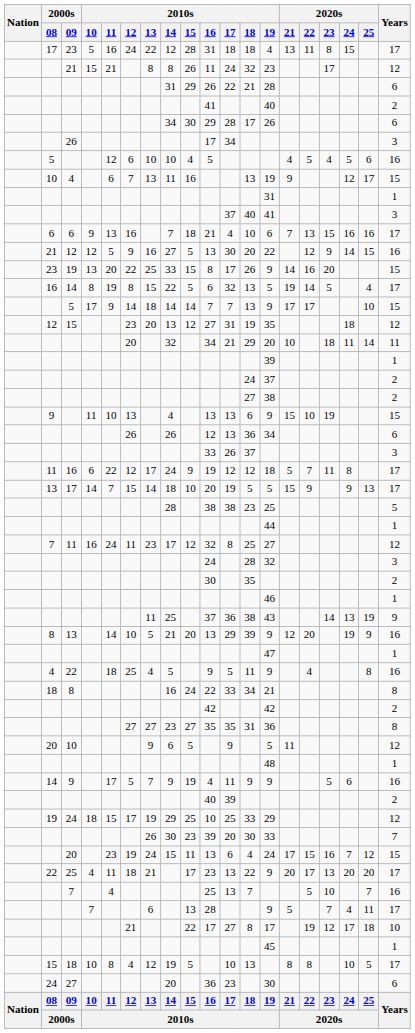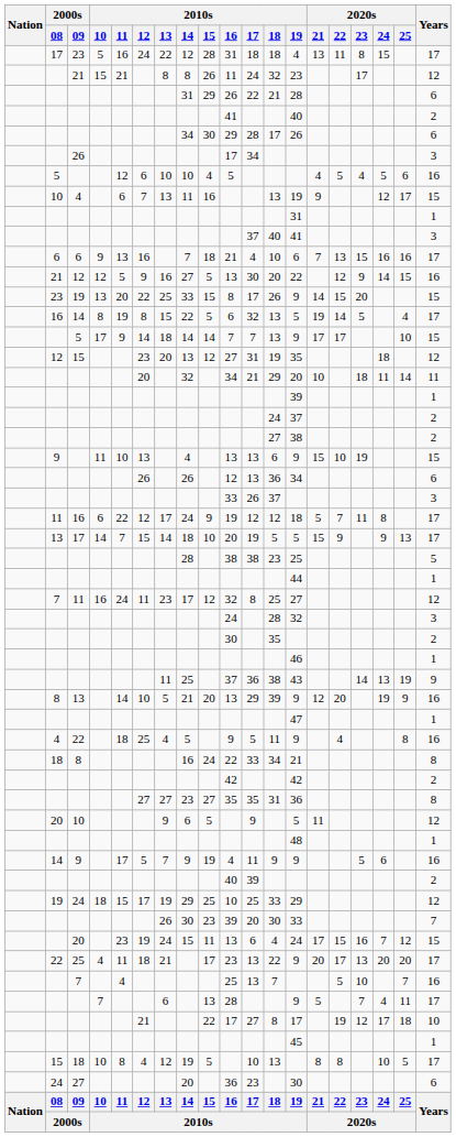 <table class="wikitable" style="text-align:center; font-size:90%;">
 <tr>
 <th rowspan=2>Nation</th>
 <th colspan=2>2000s</th>
 <th colspan=10>2010s</th>
 <th colspan=5>2020s</th>
 <th rowspan=2>Years</th>
 </tr>
 <tr>
 <th width=19px><a href='#'>08</a></th>
 <th width=19px><a href='#'>09</a></th>
 <th width=19px><a href='#'>10</a></th>
 <th width=19px><a href='#'>11</a></th>
 <th width=19px><a href='#'>12</a></th>
 <th width=19px><a href='#'>13</a></th>
 <th width=19px><a href='#'>14</a></th>
 <th width=19px><a href='#'>15</a></th>
 <th width=19px><a href='#'>16</a></th>
 <th width=19px><a href='#'>17</a></th>
 <th width=19px><a href='#'>18</a></th>
 <th width=19px><a href='#'>19</a></th>
 <th width=19px><a href='#'>21</a></th>
 <th width=19px><a href='#'>22</a></th>
 <th width=19px><a href='#'>23</a></th>
 <th width=19px><a href='#'>24</a></th>
 <th width=19px><a href='#'>25</a></th>
 </tr>
 <tr>
 <td align=left></td>
 <td>17</td>
 <td>23</td>
 <td>5</td>
 <td>16</td>
 <td>24</td>
 <td>22</td>
 <td>12</td>
 <td>28</td>
 <td>31</td>
 <td>18</td>
 <td>18</td>
 <td>4</td>
 <td>13</td>
 <td>11</td>
 <td>8</td>
 <td>15</td>
 <td></td>
 <td>17</td>
 </tr>
 <tr>
 <td align=left></td>
 <td></td>
 <td>21</td>
 <td>15</td>
 <td>21</td>
 <td></td>
 <td>8</td>
 <td>8</td>
 <td>26</td>
 <td>11</td>
 <td>24</td>
 <td>32</td>
 <td>23</td>
 <td></td>
 <td></td>
 <td>17</td>
 <td></td>
 <td></td>
 <td>12</td>
 </tr>
 <tr>
 <td align=left></td>
 <td></td>
 <td></td>
 <td></td>
 <td></td>
 <td></td>
 <td></td>
 <td>31</td>
 <td>29</td>
 <td>26</td>
 <td>22</td>
 <td>21</td>
 <td>28</td>
 <td></td>
 <td></td>
 <td></td>
 <td></td>
 <td></td>
 <td>6</td>
 </tr>
 <tr>
 <td align=left></td>
 <td></td>
 <td></td>
 <td></td>
 <td></td>
 <td></td>
 <td></td>
 <td></td>
 <td></td>
 <td>41</td>
 <td></td>
 <td></td>
 <td>40</td>
 <td></td>
 <td></td>
 <td></td>
 <td></td>
 <td></td>
 <td>2</td>
 </tr>
 <tr>
 <td align=left></td>
 <td></td>
 <td></td>
 <td></td>
 <td></td>
 <td></td>
 <td></td>
 <td>34</td>
 <td>30</td>
 <td>29</td>
 <td>28</td>
 <td>17</td>
 <td>26</td>
 <td></td>
 <td></td>
 <td></td>
 <td></td>
 <td></td>
 <td>6</td>
 </tr>
 <tr>
 <td align=left></td>
 <td></td>
 <td>26</td>
 <td></td>
 <td></td>
 <td></td>
 <td></td>
 <td></td>
 <td></td>
 <td>17</td>
 <td>34</td>
 <td></td>
 <td></td>
 <td></td>
 <td></td>
 <td></td>
 <td></td>
 <td></td>
 <td>3</td>
 </tr>
 <tr>
 <td align=left></td>
 <td>5</td>
 <td></td>
 <td></td>
 <td>12</td>
 <td>6</td>
 <td>10</td>
 <td>10</td>
 <td>4</td>
 <td>5</td>
 <td></td>
 <td></td>
 <td></td>
 <td>4</td>
 <td>5</td>
 <td>4</td>
 <td>5</td>
 <td>6</td>
 <td>16</td>
 </tr>
 <tr>
 <td align=left></td>
 <td>10</td>
 <td>4</td>
 <td></td>
 <td>6</td>
 <td>7</td>
 <td>13</td>
 <td>11</td>
 <td>16</td>
 <td></td>
 <td></td>
 <td>13</td>
 <td>19</td>
 <td>9</td>
 <td></td>
 <td></td>
 <td>12</td>
 <td>17</td>
 <td>15</td>
 </tr>
 <tr>
 <td align=left></td>
 <td></td>
 <td></td>
 <td></td>
 <td></td>
 <td></td>
 <td></td>
 <td></td>
 <td></td>
 <td></td>
 <td></td>
 <td></td>
 <td>31</td>
 <td></td>
 <td></td>
 <td></td>
 <td></td>
 <td></td>
 <td>1</td>
 </tr>
 <tr>
 <td align=left></td>
 <td></td>
 <td></td>
 <td></td>
 <td></td>
 <td></td>
 <td></td>
 <td></td>
 <td></td>
 <td></td>
 <td>37</td>
 <td>40</td>
 <td>41</td>
 <td></td>
 <td></td>
 <td></td>
 <td></td>
 <td></td>
 <td>3</td>
 </tr>
 <tr>
 <td align=left></td>
 <td>6</td>
 <td>6</td>
 <td>9</td>
 <td>13</td>
 <td>16</td>
 <td></td>
 <td>7</td>
 <td>18</td>
 <td>21</td>
 <td>4</td>
 <td>10</td>
 <td>6</td>
 <td>7</td>
 <td>13</td>
 <td>15</td>
 <td>16</td>
 <td>16</td>
 <td>17</td>
 </tr>
 <tr>
 <td align=left></td>
 <td>21</td>
 <td>12</td>
 <td>12</td>
 <td>5</td>
 <td>9</td>
 <td>16</td>
 <td>27</td>
 <td>5</td>
 <td>13</td>
 <td>30</td>
 <td>20</td>
 <td>22</td>
 <td></td>
 <td>12</td>
 <td>9</td>
 <td>14</td>
 <td>15</td>
 <td>16</td>
 </tr>
 <tr>
 <td align=left></td>
 <td>23</td>
 <td>19</td>
 <td>13</td>
 <td>20</td>
 <td>22</td>
 <td>25</td>
 <td>33</td>
 <td>15</td>
 <td>8</td>
 <td>17</td>
 <td>26</td>
 <td>9</td>
 <td>14</td>
-<td>16</td>
+<td>15</td>
 <td>20</td>
 <td></td>
 <td></td>
 <td>15</td>
 </tr>
 <tr>
 <td align=left></td>
 <td>16</td>
 <td>14</td>
 <td>8</td>
 <td>19</td>
 <td>8</td>
 <td>15</td>
 <td>22</td>
 <td>5</td>
 <td>6</td>
 <td>32</td>
 <td>13</td>
 <td>5</td>
 <td>19</td>
 <td>14</td>
 <td>5</td>
 <td></td>
 <td>4</td>
 <td>17</td>
 </tr>
 <tr>
 <td align=left></td>
 <td></td>
 <td>5</td>
 <td>17</td>
 <td>9</td>
 <td>14</td>
 <td>18</td>
 <td>14</td>
 <td>14</td>
 <td>7</td>
 <td>7</td>
 <td>13</td>
 <td>9</td>
 <td>17</td>
 <td>17</td>
 <td></td>
 <td></td>
 <td>10</td>
 <td>15</td>
 </tr>
 <tr>
 <td align=left></td>
 <td>12</td>
 <td>15</td>
 <td></td>
 <td></td>
 <td>23</td>
 <td>20</td>
 <td>13</td>
 <td>12</td>
 <td>27</td>
 <td>31</td>
 <td>19</td>
 <td>35</td>
 <td></td>
 <td></td>
 <td></td>
 <td>18</td>
 <td></td>
 <td>12</td>
 </tr>
 <tr>
 <td align=left></td>
 <td></td>
 <td></td>
 <td></td>
 <td></td>
 <td>20</td>
 <td></td>
 <td>32</td>
 <td></td>
 <td>34</td>
 <td>21</td>
 <td>29</td>
 <td>20</td>
 <td>10</td>
 <td></td>
 <td>18</td>
 <td>11</td>
 <td>14</td>
 <td>11</td>
 </tr>
 <tr>
 <td align=left></td>
 <td></td>
 <td></td>
 <td></td>
 <td></td>
 <td></td>
 <td></td>
 <td></td>
 <td></td>
 <td></td>
 <td></td>
 <td></td>
 <td>39</td>
 <td></td>
 <td></td>
 <td></td>
 <td></td>
 <td></td>
 <td>1</td>
 </tr>
 <tr>
 <td align=left></td>
 <td></td>
 <td></td>
 <td></td>
 <td></td>
 <td></td>
 <td></td>
 <td></td>
 <td></td>
 <td></td>
 <td></td>
 <td>24</td>
 <td>37</td>
 <td></td>
 <td></td>
 <td></td>
 <td></td>
 <td></td>
 <td>2</td>
 </tr>
 <tr>
 <td align=left></td>
 <td></td>
 <td></td>
 <td></td>
 <td></td>
 <td></td>
 <td></td>
 <td></td>
 <td></td>
 <td></td>
 <td></td>
 <td>27</td>
 <td>38</td>
 <td></td>
 <td></td>
 <td></td>
 <td></td>
 <td></td>
 <td>2</td>
 </tr>
 <tr>
 <td align=left></td>
 <td>9</td>
 <td></td>
 <td>11</td>
 <td>10</td>
 <td>13</td>
 <td></td>
 <td>4</td>
 <td></td>
 <td>13</td>
 <td>13</td>
 <td>6</td>
 <td>9</td>
 <td>15</td>
 <td>10</td>
 <td>19</td>
 <td></td>
 <td></td>
 <td>15</td>
 </tr>
 <tr>
 <td align=left></td>
 <td></td>
 <td></td>
 <td></td>
 <td></td>
 <td>26</td>
 <td></td>
 <td>26</td>
 <td></td>
 <td>12</td>
 <td>13</td>
 <td>36</td>
 <td>34</td>
 <td></td>
 <td></td>
 <td></td>
 <td></td>
 <td></td>
 <td>6</td>
 </tr>
 <tr>
 <td align=left></td>
 <td></td>
 <td></td>
 <td></td>
 <td></td>
 <td></td>
 <td></td>
 <td></td>
 <td></td>
 <td>33</td>
 <td>26</td>
 <td>37</td>
 <td></td>
 <td></td>
 <td></td>
 <td></td>
 <td></td>
 <td></td>
 <td>3</td>
 </tr>
 <tr>
 <td align=left></td>
 <td>11</td>
 <td>16</td>
 <td>6</td>
 <td>22</td>
 <td>12</td>
 <td>17</td>
 <td>24</td>
 <td>9</td>
 <td>19</td>
 <td>12</td>
 <td>12</td>
 <td>18</td>
 <td>5</td>
 <td>7</td>
 <td>11</td>
 <td>8</td>
 <td></td>
 <td>17</td>
 </tr>
 <tr>
 <td align=left></td>
 <td>13</td>
 <td>17</td>
 <td>14</td>
 <td>7</td>
 <td>15</td>
 <td>14</td>
 <td>18</td>
 <td>10</td>
 <td>20</td>
 <td>19</td>
 <td>5</td>
 <td>5</td>
 <td>15</td>
 <td>9</td>
 <td></td>
 <td>9</td>
 <td>13</td>
 <td>17</td>
 </tr>
 <tr>
 <td align=left></td>
 <td></td>
 <td></td>
 <td></td>
 <td></td>
 <td></td>
 <td></td>
 <td>28</td>
 <td></td>
 <td>38</td>
 <td>38</td>
 <td>23</td>
 <td>25</td>
 <td></td>
 <td></td>
 <td></td>
 <td></td>
 <td></td>
 <td>5</td>
 </tr>
 <tr>
 <td align=left></td>
 <td></td>
 <td></td>
 <td></td>
 <td></td>
 <td></td>
 <td></td>
 <td></td>
 <td></td>
 <td></td>
 <td></td>
 <td></td>
 <td>44</td>
 <td></td>
 <td></td>
 <td></td>
 <td></td>
 <td></td>
 <td>1</td>
 </tr>
 <tr>
 <td align=left></td>
 <td>7</td>
 <td>11</td>
 <td>16</td>
 <td>24</td>
 <td>11</td>
 <td>23</td>
 <td>17</td>
 <td>12</td>
 <td>32</td>
 <td>8</td>
 <td>25</td>
 <td>27</td>
 <td></td>
 <td></td>
 <td></td>
 <td></td>
 <td></td>
 <td>12</td>
 </tr>
 <tr>
 <td align=left></td>
 <td></td>
 <td></td>
 <td></td>
 <td></td>
 <td></td>
 <td></td>
 <td></td>
 <td></td>
 <td>24</td>
 <td></td>
 <td>28</td>
 <td>32</td>
 <td></td>
 <td></td>
 <td></td>
 <td></td>
 <td></td>
 <td>3</td>
 </tr>
 <tr>
 <td align=left></td>
 <td></td>
 <td></td>
 <td></td>
 <td></td>
 <td></td>
 <td></td>
 <td></td>
 <td></td>
 <td>30</td>
 <td></td>
 <td>35</td>
 <td></td>
 <td></td>
 <td></td>
 <td></td>
 <td></td>
 <td></td>
 <td>2</td>
 </tr>
 <tr>
 <td align=left></td>
 <td></td>
 <td></td>
 <td></td>
 <td></td>
 <td></td>
 <td></td>
 <td></td>
 <td></td>
 <td></td>
 <td></td>
 <td></td>
 <td>46</td>
 <td></td>
 <td></td>
 <td></td>
 <td></td>
 <td></td>
 <td>1</td>
 </tr>
 <tr>
 <td align=left></td>
 <td></td>
 <td></td>
 <td></td>
 <td></td>
 <td></td>
 <td>11</td>
 <td>25</td>
 <td></td>
 <td>37</td>
 <td>36</td>
 <td>38</td>
 <td>43</td>
 <td></td>
 <td></td>
 <td>14</td>
 <td>13</td>
 <td>19</td>
 <td>9</td>
 </tr>
 <tr>
 <td align=left></td>
 <td>8</td>
 <td>13</td>
 <td></td>
 <td>14</td>
 <td>10</td>
 <td>5</td>
 <td>21</td>
 <td>20</td>
 <td>13</td>
 <td>29</td>
 <td>39</td>
 <td>9</td>
 <td>12</td>
 <td>20</td>
 <td></td>
 <td>19</td>
 <td>9</td>
 <td>16</td>
 </tr>
 <tr>
 <td align=left></td>
 <td></td>
 <td></td>
 <td></td>
 <td></td>
 <td></td>
 <td></td>
 <td></td>
 <td></td>
 <td></td>
 <td></td>
 <td></td>
 <td>47</td>
 <td></td>
 <td></td>
 <td></td>
 <td></td>
 <td></td>
 <td>1</td>
 </tr>
 <tr>
 <td align=left></td>
 <td>4</td>
 <td>22</td>
 <td></td>
 <td>18</td>
 <td>25</td>
 <td>4</td>
 <td>5</td>
 <td></td>
 <td>9</td>
 <td>5</td>
 <td>11</td>
 <td>9</td>
 <td></td>
 <td>4</td>
 <td></td>
 <td></td>
 <td>8</td>
 <td>16</td>
 </tr>
 <tr>
 <td align=left></td>
 <td>18</td>
 <td>8</td>
 <td></td>
 <td></td>
 <td></td>
 <td></td>
 <td>16</td>
 <td>24</td>
 <td>22</td>
 <td>33</td>
 <td>34</td>
 <td>21</td>
 <td></td>
 <td></td>
 <td></td>
 <td></td>
 <td></td>
 <td>8</td>
 </tr>
 <tr>
 <td align=left></td>
 <td></td>
 <td></td>
 <td></td>
 <td></td>
 <td></td>
 <td></td>
 <td></td>
 <td></td>
 <td>42</td>
 <td></td>
 <td></td>
 <td>42</td>
 <td></td>
 <td></td>
 <td></td>
 <td></td>
 <td></td>
 <td>2</td>
 </tr>
 <tr>
 <td align=left></td>
 <td></td>
 <td></td>
 <td></td>
 <td></td>
 <td>27</td>
 <td>27</td>
 <td>23</td>
 <td>27</td>
 <td>35</td>
 <td>35</td>
 <td>31</td>
 <td>36</td>
 <td></td>
 <td></td>
 <td></td>
 <td></td>
 <td></td>
 <td>8</td>
 </tr>
 <tr>
 <td align=left></td>
 <td>20</td>
 <td>10</td>
 <td></td>
 <td></td>
 <td></td>
 <td>9</td>
 <td>6</td>
 <td>5</td>
 <td></td>
 <td>9</td>
 <td></td>
 <td>5</td>
 <td>11</td>
 <td></td>
 <td></td>
 <td></td>
 <td></td>
 <td>12</td>
 </tr>
 <tr>
 <td align=left></td>
 <td></td>
 <td></td>
 <td></td>
 <td></td>
 <td></td>
 <td></td>
 <td></td>
 <td></td>
 <td></td>
 <td></td>
 <td></td>
 <td>48</td>
 <td></td>
 <td></td>
 <td></td>
 <td></td>
 <td></td>
 <td>1</td>
 </tr>
 <tr>
 <td align=left></td>
 <td>14</td>
 <td>9</td>
 <td></td>
 <td>17</td>
 <td>5</td>
 <td>7</td>
 <td>9</td>
 <td>19</td>
 <td>4</td>
 <td>11</td>
 <td>9</td>
 <td>9</td>
 <td></td>
 <td></td>
 <td>5</td>
 <td>6</td>
 <td></td>
 <td>16</td>
 </tr>
 <tr>
 <td align=left></td>
 <td></td>
 <td></td>
 <td></td>
 <td></td>
 <td></td>
 <td></td>
 <td></td>
 <td></td>
 <td>40</td>
 <td>39</td>
 <td></td>
 <td></td>
 <td></td>
 <td></td>
 <td></td>
 <td></td>
 <td></td>
 <td>2</td>
 </tr>
 <tr>
 <td align=left></td>
 <td>19</td>
 <td>24</td>
 <td>18</td>
 <td>15</td>
 <td>17</td>
 <td>19</td>
 <td>29</td>
 <td>25</td>
 <td>10</td>
 <td>25</td>
 <td>33</td>
 <td>29</td>
 <td></td>
 <td></td>
 <td></td>
 <td></td>
 <td></td>
 <td>12</td>
 </tr>
 <tr>
 <td align=left></td>
 <td></td>
 <td></td>
 <td></td>
 <td></td>
 <td></td>
 <td>26</td>
 <td>30</td>
 <td>23</td>
 <td>39</td>
 <td>20</td>
 <td>30</td>
 <td>33</td>
 <td></td>
 <td></td>
 <td></td>
 <td></td>
 <td></td>
 <td>7</td>
 </tr>
 <tr>
 <td align=left></td>
 <td></td>
 <td>20</td>
 <td></td>
 <td>23</td>
 <td>19</td>
 <td>24</td>
 <td>15</td>
 <td>11</td>
 <td>13</td>
 <td>6</td>
 <td>4</td>
 <td>24</td>
 <td>17</td>
 <td>15</td>
 <td>16</td>
 <td>7</td>
 <td>12</td>
 <td>15</td>
 </tr>
 <tr>
 <td align=left></td>
 <td>22</td>
 <td>25</td>
 <td>4</td>
 <td>11</td>
 <td>18</td>
 <td>21</td>
 <td></td>
 <td>17</td>
 <td>23</td>
 <td>13</td>
 <td>22</td>
 <td>9</td>
 <td>20</td>
 <td>17</td>
 <td>13</td>
 <td>20</td>
 <td>20</td>
 <td>17</td>
 </tr>
 <tr>
 <td align=left></td>
 <td></td>
 <td>7</td>
 <td></td>
 <td>4</td>
 <td></td>
 <td></td>
 <td></td>
 <td></td>
 <td>25</td>
 <td>13</td>
 <td>7</td>
 <td></td>
 <td></td>
 <td>5</td>
 <td>10</td>
 <td></td>
 <td>7</td>
 <td>16</td>
 </tr>
 <tr>
 <td align=left></td>
 <td></td>
 <td></td>
 <td>7</td>
 <td></td>
 <td></td>
 <td>6</td>
 <td></td>
 <td>13</td>
 <td>28</td>
 <td></td>
 <td></td>
 <td>9</td>
 <td>5</td>
 <td></td>
 <td>7</td>
 <td>4</td>
 <td>11</td>
 <td>17</td>
 </tr>
 <tr>
 <td align=left></td>
 <td></td>
 <td></td>
 <td></td>
 <td></td>
 <td>21</td>
 <td></td>
 <td></td>
 <td>22</td>
 <td>17</td>
 <td>27</td>
 <td>8</td>
 <td>17</td>
 <td></td>
 <td>19</td>
 <td>12</td>
 <td>17</td>
 <td>18</td>
 <td>10</td>
 </tr>
 <tr>
 <td align=left></td>
 <td></td>
 <td></td>
 <td></td>
 <td></td>
 <td></td>
 <td></td>
 <td></td>
 <td></td>
 <td></td>
 <td></td>
 <td></td>
 <td>45</td>
 <td></td>
 <td></td>
 <td></td>
 <td></td>
 <td></td>
 <td>1</td>
 </tr>
 <tr>
 <td align=left></td>
 <td>15</td>
 <td>18</td>
 <td>10</td>
 <td>8</td>
 <td>4</td>
 <td>12</td>
 <td>19</td>
 <td>5</td>
 <td></td>
 <td>10</td>
 <td>13</td>
 <td></td>
 <td>8</td>
 <td>8</td>
 <td></td>
 <td>10</td>
 <td>5</td>
 <td>17</td>
 </tr>
 <tr>
 <td align=left></td>
 <td>24</td>
 <td>27</td>
 <td></td>
 <td></td>
 <td></td>
 <td></td>
 <td>20</td>
 <td></td>
 <td>36</td>
 <td>23</td>
 <td></td>
 <td>30</td>
 <td></td>
 <td></td>
 <td></td>
 <td></td>
 <td></td>
 <td>6</td>
 </tr>
 <tr>
 <th rowspan=2>Nation</th>
 <th width=19px><a href='#'>08</a></th>
 <th width=19px><a href='#'>09</a></th>
 <th width=19px><a href='#'>10</a></th>
 <th width=19px><a href='#'>11</a></th>
 <th width=19px><a href='#'>12</a></th>
 <th width=19px><a href='#'>13</a></th>
 <th width=19px><a href='#'>14</a></th>
 <th width=19px><a href='#'>15</a></th>
 <th width=19px><a href='#'>16</a></th>
 <th width=19px><a href='#'>17</a></th>
 <th width=19px><a href='#'>18</a></th>
 <th width=19px><a href='#'>19</a></th>
 <th width=19px><a href='#'>21</a></th>
 <th width=19px><a href='#'>22</a></th>
 <th width=19px><a href='#'>23</a></th>
 <th width=19px><a href='#'>24</a></th>
 <th width=19px><a href='#'>25</a></th>
 <th rowspan=2>Years</th>
 </tr>
 <tr>
 <th colspan=2>2000s</th>
 <th colspan=10>2010s</th>
 <th colspan=5>2020s</th>
 </tr>
 </table>
